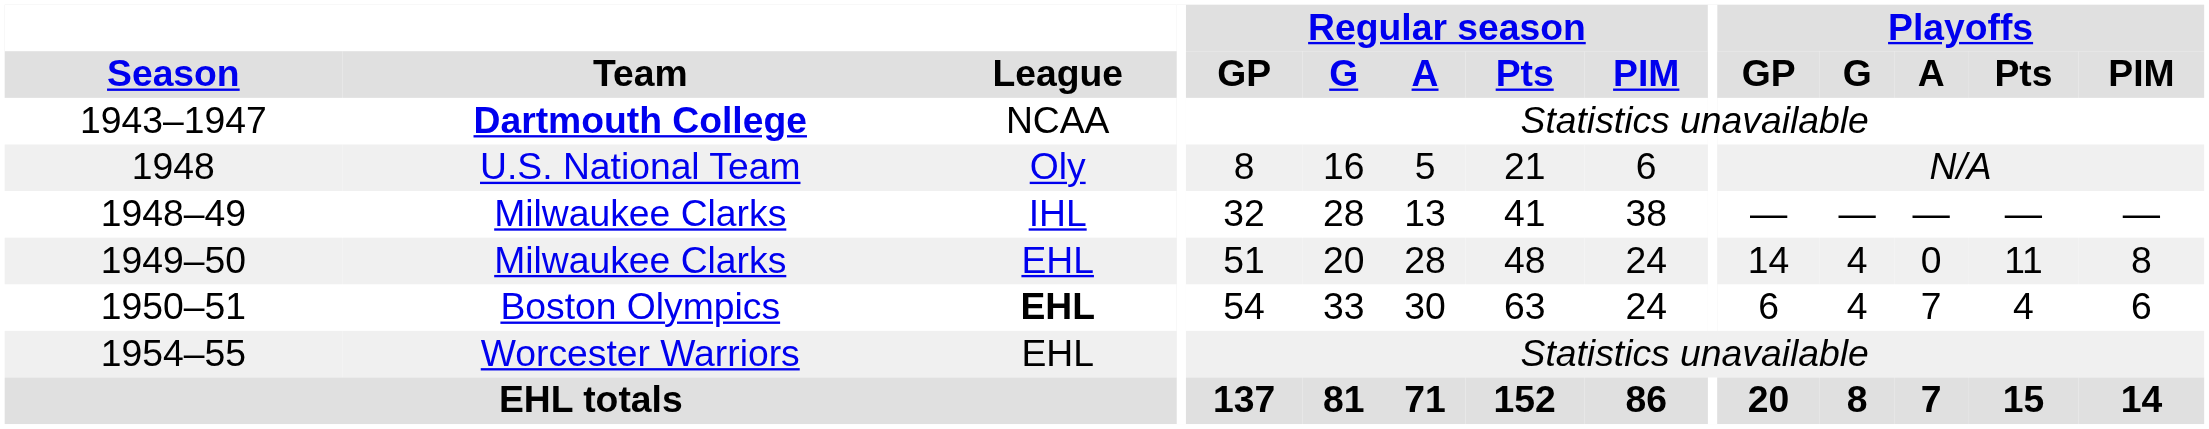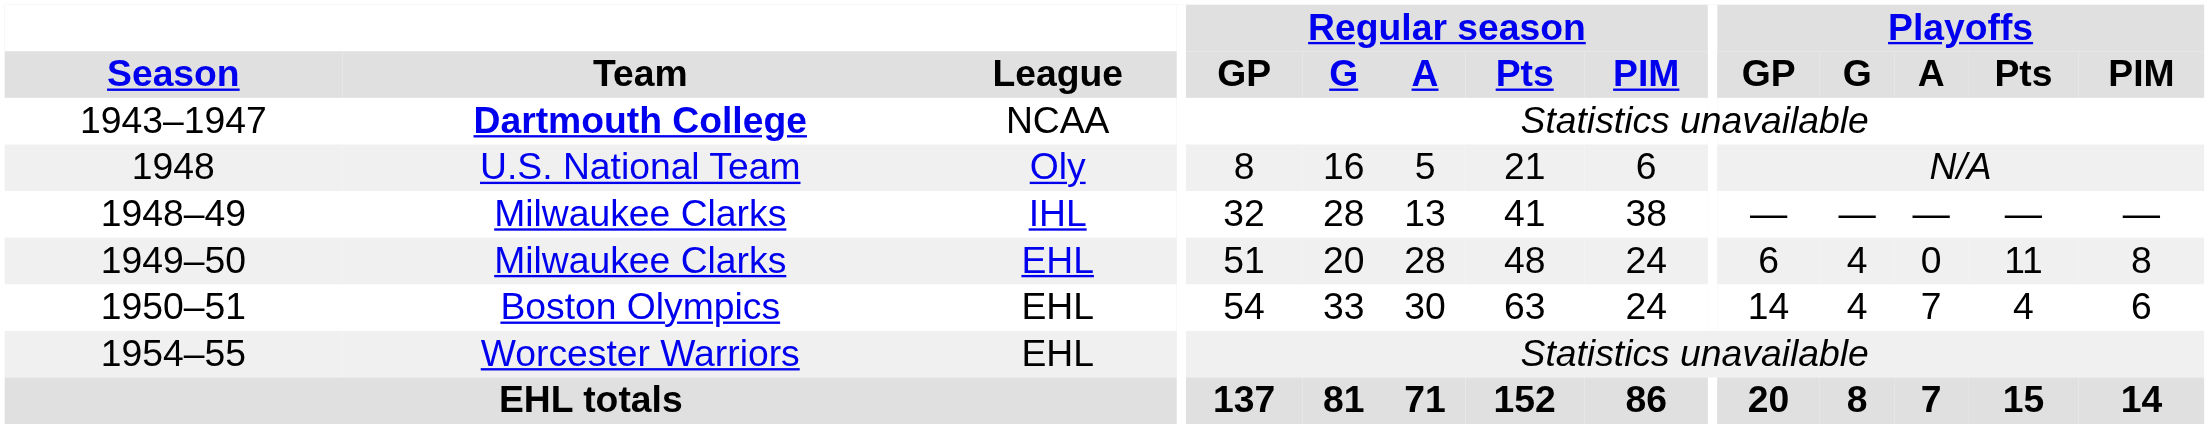 <table style="text-align:center; width:75%; padding: 2px; border-spacing: 0;">
 <tr style="background: #e0e0e0;">
 <th colspan="3"  style="background: #fff;"></th>
 <th rowspan="99" style="background: #fff;"></th>
 <th colspan="5"><a href='#'>Regular season</a></th>
 <th rowspan="99" style="background: #fff;"></th>
 <th colspan="5"><a href='#'>Playoffs</a></th>
 </tr>
 <tr style="background: #e0e0e0;">
 <th><a href='#'>Season</a></th>
 <th>Team</th>
 <th>League</th>
 <th>GP</th>
 <th><a href='#'>G</a></th>
 <th><a href='#'>A</a></th>
 <th><a href='#'>Pts</a></th>
 <th><a href='#'>PIM</a></th>
 <th>GP</th>
 <th>G</th>
 <th>A</th>
 <th>Pts</th>
 <th>PIM</th>
 </tr>
 <tr>
 <td>1943–1947</td>
 <td><strong><a href='#'>Dartmouth College</a></strong></td>
 <td>NCAA</td>
 <td colspan="11"><em>Statistics unavailable</em></td>
 </tr>
 <tr style="background: #f0f0f0;">
 <td>1948</td>
 <td><a href='#'>U.S. National Team</a></td>
 <td><a href='#'>Oly</a></td>
 <td>8</td>
 <td>16</td>
 <td>5</td>
 <td>21</td>
 <td>6</td>
 <td colspan="5"><em>N/A</em></td>
 </tr>
 <tr>
 <td>1948–49</td>
 <td><a href='#'>Milwaukee Clarks</a></td>
 <td><a href='#'>IHL</a></td>
 <td>32</td>
 <td>28</td>
 <td>13</td>
 <td>41</td>
 <td>38</td>
 <td>—</td>
 <td>—</td>
 <td>—</td>
 <td>—</td>
 <td>—</td>
 </tr>
 <tr style="background: #f0f0f0;">
 <td>1949–50</td>
 <td><a href='#'>Milwaukee Clarks</a></td>
 <td><a href='#'>EHL</a></td>
 <td>51</td>
 <td>20</td>
 <td>28</td>
 <td>48</td>
 <td>24</td>
-<td>14</td>
+<td>6</td>
 <td>4</td>
 <td>0</td>
 <td>11</td>
 <td>8</td>
 </tr>
 <tr>
 <td>1950–51</td>
 <td><a href='#'>Boston Olympics</a></td>
-<td><strong>EHL</strong></td>
+<td>EHL</td>
 <td>54</td>
 <td>33</td>
 <td>30</td>
 <td>63</td>
 <td>24</td>
-<td>6</td>
+<td>14</td>
 <td>4</td>
 <td>7</td>
 <td>4</td>
 <td>6</td>
 </tr>
 <tr style="background: #f0f0f0;">
 <td>1954–55</td>
 <td><a href='#'>Worcester Warriors</a></td>
 <td>EHL</td>
 <td colspan="11"><em>Statistics unavailable</em></td>
 </tr>
 <tr style="background: #e0e0e0;">
 <th colspan="3">EHL totals</th>
 <th>137</th>
 <th>81</th>
 <th>71</th>
 <th>152</th>
 <th>86</th>
 <th>20</th>
 <th>8</th>
 <th>7</th>
 <th>15</th>
 <th>14</th>
 </tr>
 </table>
